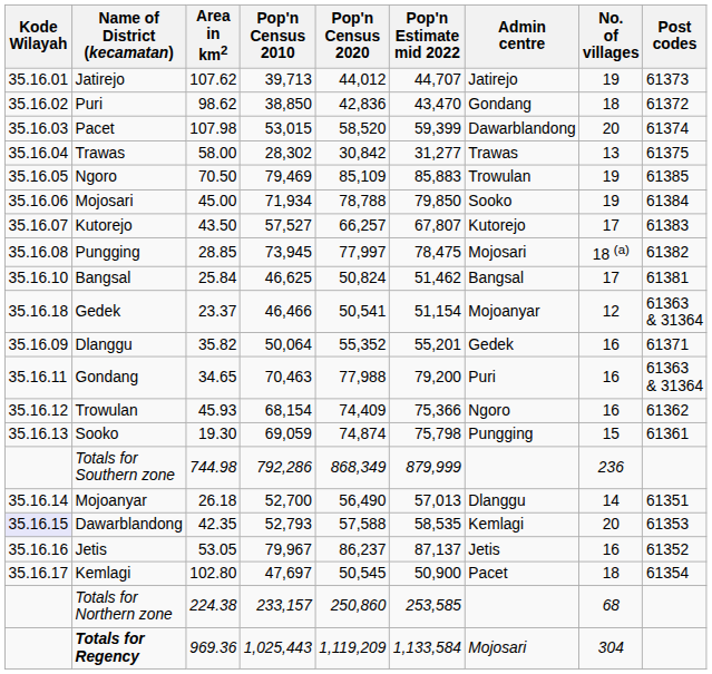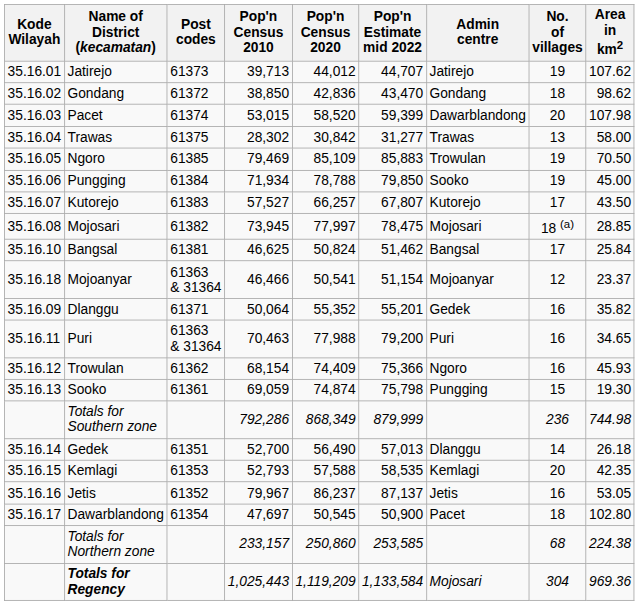 <table class="sortable wikitable">
 <tr>
 <th>Kode <br>Wilayah</th>
 <th>Name of<br>District<br>(<em>kecamatan</em>)</th>
-<th>Area <br> in<br> km<sup>2</sup></th>
+<th>Post<br>codes</th>
 <th>Pop'n<br>Census<br>2010</th>
 <th>Pop'n<br>Census<br>2020</th>
 <th>Pop'n<br>Estimate<br>mid 2022</th>
 <th>Admin<br>centre</th>
 <th>No. <br>of<br>villages</th>
-<th>Post<br>codes</th>
+<th>Area <br> in<br> km<sup>2</sup></th>
 </tr>
 <tr>
 <td>35.16.01</td>
 <td>Jatirejo</td>
-<td align="right">107.62</td>
+<td>61373</td>
 <td align="right">39,713</td>
 <td align="right">44,012</td>
 <td align="right">44,707</td>
 <td>Jatirejo</td>
 <td align="center">19</td>
-<td>61373</td>
+<td align="right">107.62</td>
 </tr>
 <tr>
 <td>35.16.02</td>
-<td>Puri</td>
-<td align="right">98.62</td>
+<td>Gondang</td>
+<td>61372</td>
 <td align="right">38,850</td>
 <td align="right">42,836</td>
 <td align="right">43,470</td>
 <td>Gondang</td>
 <td align="center">18</td>
-<td>61372</td>
+<td align="right">98.62</td>
 </tr>
 <tr>
 <td>35.16.03</td>
 <td>Pacet</td>
-<td align="right">107.98</td>
+<td>61374</td>
 <td align="right">53,015</td>
 <td align="right">58,520</td>
 <td align="right">59,399</td>
 <td>Dawarblandong</td>
 <td align="center">20</td>
-<td>61374</td>
+<td align="right">107.98</td>
 </tr>
 <tr>
 <td>35.16.04</td>
 <td>Trawas</td>
-<td align="right">58.00</td>
+<td>61375</td>
 <td align="right">28,302</td>
 <td align="right">30,842</td>
 <td align="right">31,277</td>
 <td>Trawas</td>
 <td align="center">13</td>
-<td>61375</td>
+<td align="right">58.00</td>
 </tr>
 <tr>
 <td>35.16.05</td>
 <td>Ngoro</td>
-<td align="right">70.50</td>
+<td>61385</td>
 <td align="right">79,469</td>
 <td align="right">85,109</td>
 <td align="right">85,883</td>
 <td>Trowulan</td>
 <td align="center">19</td>
-<td>61385</td>
+<td align="right">70.50</td>
 </tr>
 <tr>
 <td>35.16.06</td>
-<td>Mojosari</td>
-<td align="right">45.00</td>
+<td>Pungging</td>
+<td>61384</td>
 <td align="right">71,934</td>
 <td align="right">78,788</td>
 <td align="right">79,850</td>
 <td>Sooko</td>
 <td align="center">19</td>
-<td>61384</td>
+<td align="right">45.00</td>
 </tr>
 <tr>
 <td>35.16.07</td>
 <td>Kutorejo</td>
-<td align="right">43.50</td>
+<td>61383</td>
 <td align="right">57,527</td>
 <td align="right">66,257</td>
 <td align="right">67,807</td>
 <td>Kutorejo</td>
 <td align="center">17</td>
-<td>61383</td>
+<td align="right">43.50</td>
 </tr>
 <tr>
 <td>35.16.08</td>
-<td>Pungging</td>
-<td align="right">28.85</td>
+<td>Mojosari</td>
+<td>61382</td>
 <td align="right">73,945</td>
 <td align="right">77,997</td>
 <td align="right">78,475</td>
 <td>Mojosari</td>
 <td align="center">18 <sup>(a)</sup></td>
-<td>61382</td>
+<td align="right">28.85</td>
 </tr>
 <tr>
 <td>35.16.10</td>
 <td>Bangsal</td>
-<td align="right">25.84</td>
+<td>61381</td>
 <td align="right">46,625</td>
 <td align="right">50,824</td>
 <td align="right">51,462</td>
 <td>Bangsal</td>
 <td align="center">17</td>
-<td>61381</td>
+<td align="right">25.84</td>
 </tr>
 <tr>
 <td>35.16.18</td>
-<td>Gedek</td>
-<td align="right">23.37</td>
+<td>Mojoanyar</td>
+<td>61363 <br>& 31364</td>
 <td align="right">46,466</td>
 <td align="right">50,541</td>
 <td align="right">51,154</td>
 <td>Mojoanyar</td>
 <td align="center">12</td>
-<td>61363 <br>& 31364</td>
+<td align="right">23.37</td>
 </tr>
 <tr>
 <td>35.16.09</td>
 <td>Dlanggu</td>
-<td align="right">35.82</td>
+<td>61371</td>
 <td align="right">50,064</td>
 <td align="right">55,352</td>
 <td align="right">55,201</td>
 <td>Gedek</td>
 <td align="center">16</td>
-<td>61371</td>
+<td align="right">35.82</td>
 </tr>
 <tr>
 <td>35.16.11</td>
-<td>Gondang</td>
-<td align="right">34.65</td>
+<td>Puri</td>
+<td>61363 <br>& 31364</td>
 <td align="right">70,463</td>
 <td align="right">77,988</td>
 <td align="right">79,200</td>
 <td>Puri</td>
 <td align="center">16</td>
-<td>61363 <br>& 31364</td>
+<td align="right">34.65</td>
 </tr>
 <tr>
 <td>35.16.12</td>
 <td>Trowulan</td>
-<td align="right">45.93</td>
+<td>61362</td>
 <td align="right">68,154</td>
 <td align="right">74,409</td>
 <td align="right">75,366</td>
 <td>Ngoro</td>
 <td align="center">16</td>
-<td>61362</td>
+<td align="right">45.93</td>
 </tr>
 <tr>
 <td>35.16.13</td>
 <td>Sooko</td>
-<td align="right">19.30</td>
+<td>61361</td>
 <td align="right">69,059</td>
 <td align="right">74,874</td>
 <td align="right">75,798</td>
 <td>Pungging</td>
 <td align="center">15</td>
-<td>61361</td>
+<td align="right">19.30</td>
 </tr>
 <tr>
 <td></td>
 <td><em>Totals for<br>Southern zone</em></td>
-<td align="right"><em>744.98</em></td>
+<td></td>
 <td align="right"><em>792,286</em></td>
 <td align="right"><em>868,349</em></td>
 <td align="right"><em>879,999</em></td>
 <td></td>
 <td align="center"><em>236</em></td>
-<td></td>
+<td align="right"><em>744.98</em></td>
 </tr>
 <tr>
 <td>35.16.14</td>
-<td>Mojoanyar</td>
-<td align="right">26.18</td>
+<td>Gedek</td>
+<td>61351</td>
 <td align="right">52,700</td>
 <td align="right">56,490</td>
 <td align="right">57,013</td>
 <td>Dlanggu</td>
 <td align="center">14</td>
-<td>61351</td>
+<td align="right">26.18</td>
 </tr>
 <tr>
-<td style="background: lavender;">35.16.15</td>
-<td>Dawarblandong</td>
-<td align="right">42.35</td>
+<td>35.16.15</td>
+<td>Kemlagi</td>
+<td>61353</td>
 <td align="right">52,793</td>
 <td align="right">57,588</td>
 <td align="right">58,535</td>
 <td>Kemlagi</td>
 <td align="center">20</td>
-<td>61353</td>
+<td align="right">42.35</td>
 </tr>
 <tr>
 <td>35.16.16</td>
 <td>Jetis</td>
-<td align="right">53.05</td>
+<td>61352</td>
 <td align="right">79,967</td>
 <td align="right">86,237</td>
 <td align="right">87,137</td>
 <td>Jetis</td>
 <td align="center">16</td>
-<td>61352</td>
+<td align="right">53.05</td>
 </tr>
 <tr>
 <td>35.16.17</td>
-<td>Kemlagi</td>
-<td align="right">102.80</td>
+<td>Dawarblandong</td>
+<td>61354</td>
 <td align="right">47,697</td>
 <td align="right">50,545</td>
 <td align="right">50,900</td>
 <td>Pacet</td>
 <td align="center">18</td>
-<td>61354</td>
+<td align="right">102.80</td>
 </tr>
 <tr>
 <td></td>
 <td><em>Totals for<br>Northern zone</em></td>
-<td align="right"><em>224.38</em></td>
+<td></td>
 <td align="right"><em>233,157</em></td>
 <td align="right"><em>250,860</em></td>
 <td align="right"><em>253,585</em></td>
 <td></td>
 <td align="center"><em>68</em></td>
-<td></td>
+<td align="right"><em>224.38</em></td>
 </tr>
 <tr>
 <td></td>
 <td><strong><em>Totals for<br>Regency</em></strong></td>
-<td align="right"><em>969.36</em></td>
+<td></td>
 <td align="right"><em>1,025,443</em></td>
 <td align="right"><em>1,119,209</em></td>
 <td align="right"><em>1,133,584</em></td>
 <td><em>Mojosari</em></td>
 <td align="center"><em>304</em></td>
-<td></td>
+<td align="right"><em>969.36</em></td>
 </tr>
 </table>
